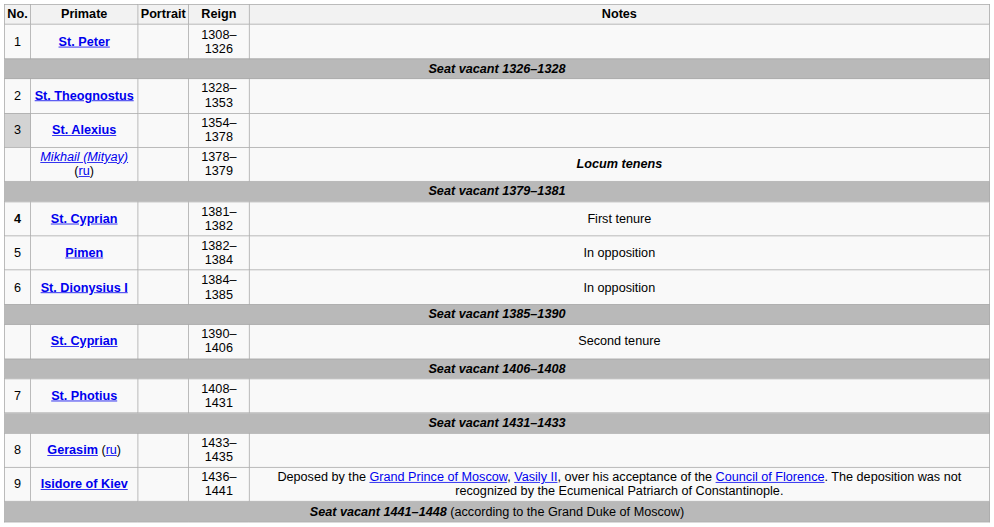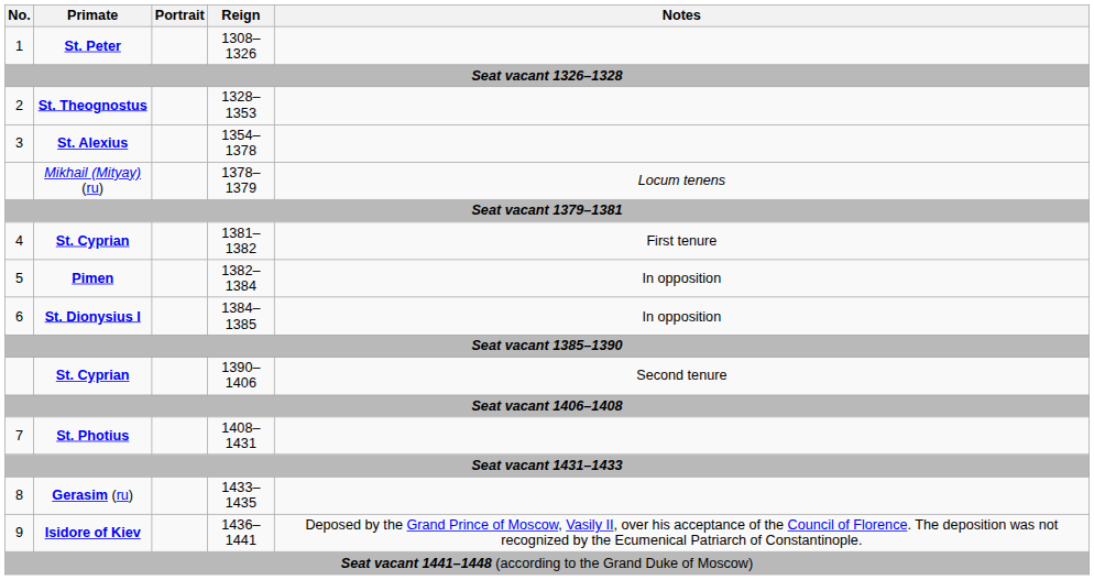 <table class="wikitable" style="text-align:center;">
 <tr>
 <th>No.</th>
 <th>Primate</th>
 <th>Portrait</th>
 <th>Reign</th>
 <th>Notes</th>
 </tr>
 <tr>
 <td>1</td>
 <td><strong><a href='#'>St. Peter</a></strong></td>
 <td></td>
 <td>1308–1326</td>
 <td></td>
 </tr>
 <tr>
 <td colspan="5" style="background:#B9B9B9"><strong><em>Seat vacant 1326–1328</em></strong></td>
 </tr>
 <tr>
 <td>2</td>
 <td><strong><a href='#'>St. Theognostus</a></strong></td>
 <td></td>
 <td>1328–1353</td>
 <td></td>
 </tr>
 <tr>
-<td style="background: lightgrey;">3</td>
+<td>3</td>
 <td><strong><a href='#'>St. Alexius</a></strong></td>
 <td></td>
 <td>1354–1378</td>
 <td></td>
 </tr>
 <tr>
 <td></td>
 <td><em><a href='#'>Mikhail (Mityay)</a></em> (<a href='#'>ru</a>)</td>
 <td></td>
 <td>1378–1379</td>
-<td><strong><em>Locum tenens</em></strong></td>
+<td><em>Locum tenens</em></td>
 </tr>
 <tr>
 <td colspan="5" style="background:#B9B9B9"><strong><em>Seat vacant 1379–1381</em></strong></td>
 </tr>
 <tr>
-<td><strong>4</strong></td>
+<td>4</td>
 <td><strong><a href='#'>St. Cyprian</a></strong></td>
 <td></td>
 <td>1381–1382</td>
 <td>First tenure</td>
 </tr>
 <tr>
 <td>5</td>
 <td><strong><a href='#'>Pimen</a></strong></td>
 <td></td>
 <td>1382–1384</td>
 <td>In opposition</td>
 </tr>
 <tr>
 <td>6</td>
 <td><strong><a href='#'>St. Dionysius I</a></strong></td>
 <td></td>
 <td>1384–1385</td>
 <td>In opposition</td>
 </tr>
 <tr>
 <td colspan="5" style="background:#B9B9B9"><strong><em>Seat vacant 1385–1390</em></strong></td>
 </tr>
 <tr>
 <td></td>
 <td><strong><a href='#'>St. Cyprian</a></strong></td>
 <td></td>
 <td>1390–1406</td>
 <td>Second tenure</td>
 </tr>
 <tr>
 <td colspan="5" style="background:#B9B9B9"><strong><em>Seat vacant 1406–1408</em></strong></td>
 </tr>
 <tr>
 <td>7</td>
 <td><strong><a href='#'>St. Photius</a></strong></td>
 <td></td>
 <td>1408–1431</td>
 <td></td>
 </tr>
 <tr>
 <td colspan="5" style="background:#B9B9B9"><strong><em>Seat vacant 1431–1433</em></strong></td>
 </tr>
 <tr>
 <td>8</td>
 <td><strong><a href='#'>Gerasim</a></strong> (<a href='#'>ru</a>)</td>
 <td></td>
 <td>1433–1435</td>
 <td></td>
 </tr>
 <tr>
 <td>9</td>
 <td><strong><a href='#'>Isidore of Kiev</a></strong></td>
 <td></td>
 <td>1436–1441</td>
 <td>Deposed by the <a href='#'>Grand Prince of Moscow</a>, <a href='#'>Vasily II</a>, over his acceptance of the <a href='#'>Council of Florence</a>. The deposition was not recognized by the Ecumenical Patriarch of Constantinople.</td>
 </tr>
 <tr>
 <td colspan="5" style="background:#B9B9B9"><strong><em>Seat vacant 1441–1448</em></strong> (according to the Grand Duke of Moscow)</td>
 </tr>
 <tr>
 </tr>
 </table>
